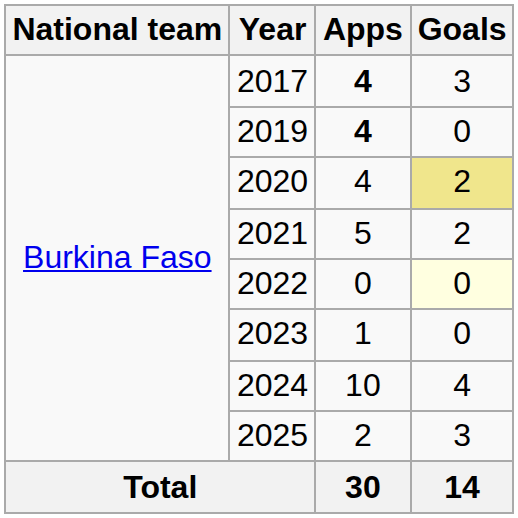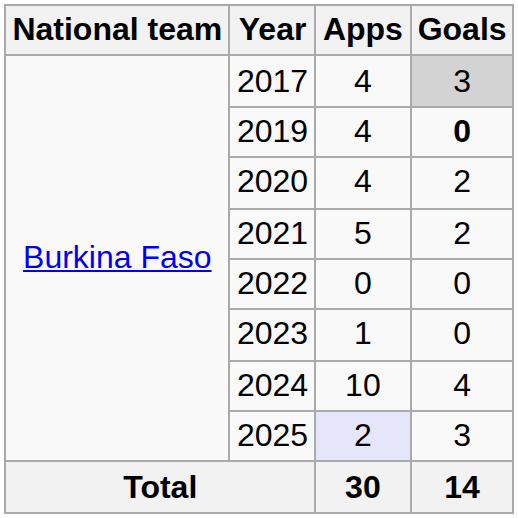 <table class="wikitable" style="text-align:center">
 <tr>
 <th>National team</th>
 <th>Year</th>
 <th>Apps</th>
 <th>Goals</th>
 </tr>
 <tr>
 <td rowspan="8"><a href='#'>Burkina Faso</a></td>
 <td>2017</td>
-<td><strong>4</strong></td>
-<td>3</td>
+<td>4</td>
+<td style="background: lightgrey;">3</td>
 </tr>
 <tr>
 <td>2019</td>
-<td><strong>4</strong></td>
-<td>0</td>
+<td>4</td>
+<td><strong>0</strong></td>
 </tr>
 <tr>
 <td>2020</td>
 <td>4</td>
-<td style="background: khaki;">2</td>
+<td>2</td>
 </tr>
 <tr>
 <td>2021</td>
 <td>5</td>
 <td>2</td>
 </tr>
 <tr>
 <td>2022</td>
 <td>0</td>
-<td style="background: lightyellow;">0</td>
+<td>0</td>
 </tr>
 <tr>
 <td>2023</td>
 <td>1</td>
 <td>0</td>
 </tr>
 <tr>
 <td>2024</td>
 <td>10</td>
 <td>4</td>
 </tr>
 <tr>
 <td>2025</td>
-<td>2</td>
+<td style="background: lavender;">2</td>
 <td>3</td>
 </tr>
 <tr>
 <th colspan="2">Total</th>
 <th>30</th>
 <th>14</th>
 </tr>
 </table>
